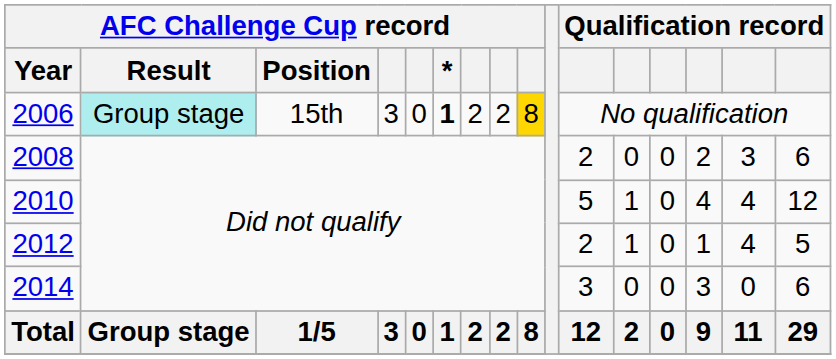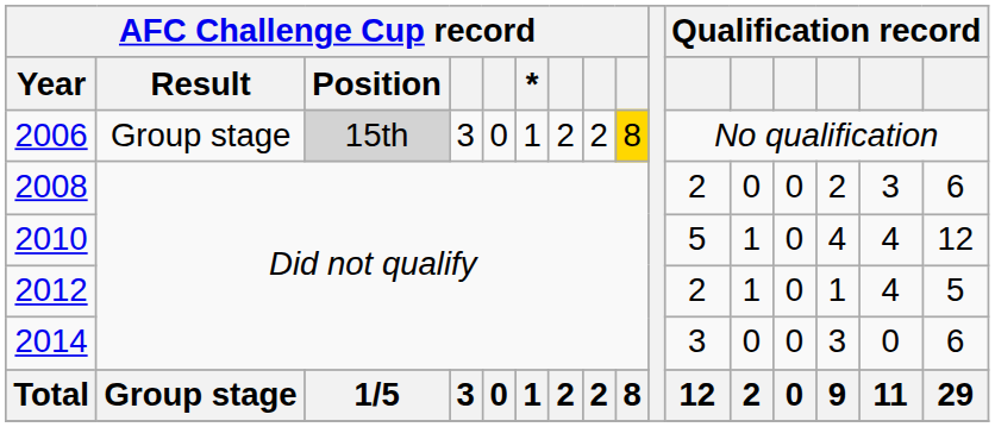 <table class="wikitable" style="text-align: center;">
 <tr>
 <th colspan=9><a href='#'>AFC Challenge Cup</a> record</th>
 <th rowspan=39></th>
 <th colspan=6>Qualification record</th>
 </tr>
 <tr>
 <th>Year</th>
 <th>Result</th>
 <th>Position</th>
 <th></th>
 <th></th>
 <th>*</th>
 <th></th>
 <th></th>
 <th></th>
 <th></th>
 <th></th>
 <th></th>
 <th></th>
 <th></th>
 <th></th>
 </tr>
 <tr>
 <td> <a href='#'>2006</a></td>
-<td style="background: paleturquoise;">Group stage</td>
-<td>15th</td>
+<td>Group stage</td>
+<td style="background: lightgrey;">15th</td>
 <td>3</td>
 <td>0</td>
-<td><strong>1</strong></td>
+<td>1</td>
 <td>2</td>
 <td>2</td>
 <td style="background: gold;">8</td>
 <td colspan=6><em>No qualification</em></td>
 </tr>
 <tr>
 <td> <a href='#'>2008</a></td>
 <td colspan=8 rowspan=4><em>Did not qualify</em></td>
 <td>2</td>
 <td>0</td>
 <td>0</td>
 <td>2</td>
 <td>3</td>
 <td>6</td>
 </tr>
 <tr>
 <td> <a href='#'>2010</a></td>
 <td>5</td>
 <td>1</td>
 <td>0</td>
 <td>4</td>
 <td>4</td>
 <td>12</td>
 </tr>
 <tr>
 <td> <a href='#'>2012</a></td>
 <td>2</td>
 <td>1</td>
 <td>0</td>
 <td>1</td>
 <td>4</td>
 <td>5</td>
 </tr>
 <tr>
 <td> <a href='#'>2014</a></td>
 <td>3</td>
 <td>0</td>
 <td>0</td>
 <td>3</td>
 <td>0</td>
 <td>6</td>
 </tr>
 <tr>
 <th>Total</th>
 <th>Group stage</th>
 <th>1/5</th>
 <th>3</th>
 <th>0</th>
 <th>1</th>
 <th>2</th>
 <th>2</th>
 <th>8</th>
 <th>12</th>
 <th>2</th>
 <th>0</th>
 <th>9</th>
 <th>11</th>
 <th>29</th>
 </tr>
 <tr>
 </tr>
 </table>
